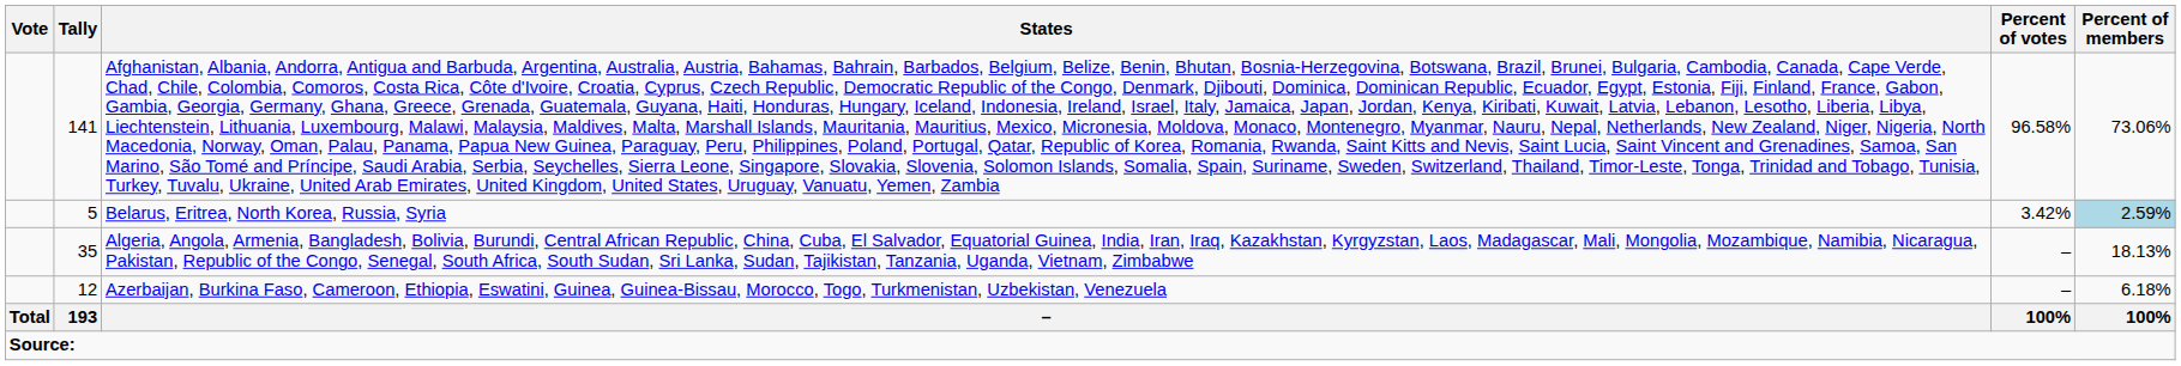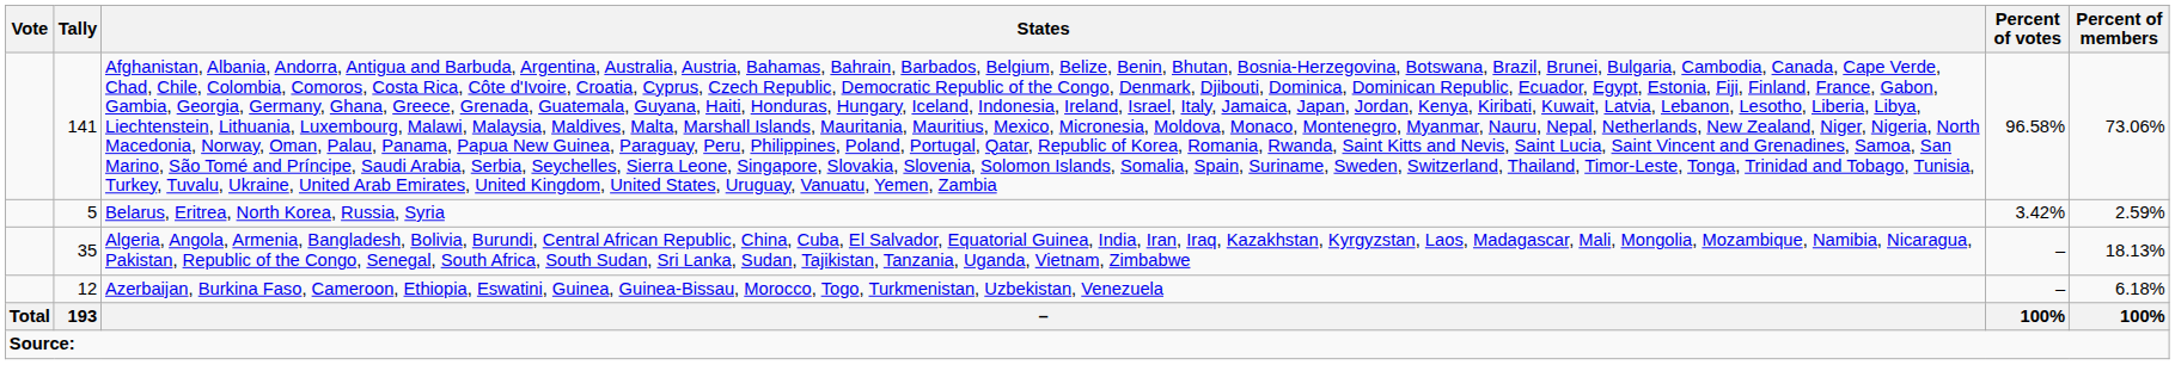 <table class="wikitable mw-collapsible mw-collapsed">
 <tr>
 <th scope="col">Vote</th>
 <th scope="col">Tally</th>
 <th scope="col">States</th>
 <th scope="col">Percent of votes</th>
 <th scope="col">Percent of members</th>
 </tr>
 <tr>
 <td></td>
 <td style="text-align: right">141</td>
 <td><a href='#'>Afghanistan</a>, <a href='#'>Albania</a>, <a href='#'>Andorra</a>, <a href='#'>Antigua and Barbuda</a>, <a href='#'>Argentina</a>, <a href='#'>Australia</a>, <a href='#'>Austria</a>, <a href='#'>Bahamas</a>, <a href='#'>Bahrain</a>, <a href='#'>Barbados</a>, <a href='#'>Belgium</a>, <a href='#'>Belize</a>, <a href='#'>Benin</a>, <a href='#'>Bhutan</a>, <a href='#'>Bosnia-Herzegovina</a>, <a href='#'>Botswana</a>, <a href='#'>Brazil</a>, <a href='#'>Brunei</a>, <a href='#'>Bulgaria</a>, <a href='#'>Cambodia</a>, <a href='#'>Canada</a>, <a href='#'>Cape Verde</a>, <a href='#'>Chad</a>, <a href='#'>Chile</a>, <a href='#'>Colombia</a>, <a href='#'>Comoros</a>, <a href='#'>Costa Rica</a>, <a href='#'>Côte d'Ivoire</a>, <a href='#'>Croatia</a>, <a href='#'>Cyprus</a>, <a href='#'>Czech Republic</a>, <a href='#'>Democratic Republic of the Congo</a>, <a href='#'>Denmark</a>, <a href='#'>Djibouti</a>, <a href='#'>Dominica</a>, <a href='#'>Dominican Republic</a>, <a href='#'>Ecuador</a>, <a href='#'>Egypt</a>, <a href='#'>Estonia</a>, <a href='#'>Fiji</a>, <a href='#'>Finland</a>, <a href='#'>France</a>, <a href='#'>Gabon</a>, <a href='#'>Gambia</a>, <a href='#'>Georgia</a>, <a href='#'>Germany</a>, <a href='#'>Ghana</a>, <a href='#'>Greece</a>, <a href='#'>Grenada</a>, <a href='#'>Guatemala</a>, <a href='#'>Guyana</a>, <a href='#'>Haiti</a>, <a href='#'>Honduras</a>, <a href='#'>Hungary</a>, <a href='#'>Iceland</a>, <a href='#'>Indonesia</a>, <a href='#'>Ireland</a>, <a href='#'>Israel</a>, <a href='#'>Italy</a>, <a href='#'>Jamaica</a>, <a href='#'>Japan</a>, <a href='#'>Jordan</a>, <a href='#'>Kenya</a>, <a href='#'>Kiribati</a>, <a href='#'>Kuwait</a>, <a href='#'>Latvia</a>, <a href='#'>Lebanon</a>, <a href='#'>Lesotho</a>, <a href='#'>Liberia</a>, <a href='#'>Libya</a>, <a href='#'>Liechtenstein</a>, <a href='#'>Lithuania</a>, <a href='#'>Luxembourg</a>, <a href='#'>Malawi</a>, <a href='#'>Malaysia</a>, <a href='#'>Maldives</a>, <a href='#'>Malta</a>, <a href='#'>Marshall Islands</a>, <a href='#'>Mauritania</a>, <a href='#'>Mauritius</a>, <a href='#'>Mexico</a>, <a href='#'>Micronesia</a>, <a href='#'>Moldova</a>, <a href='#'>Monaco</a>, <a href='#'>Montenegro</a>, <a href='#'>Myanmar</a>, <a href='#'>Nauru</a>, <a href='#'>Nepal</a>, <a href='#'>Netherlands</a>, <a href='#'>New Zealand</a>, <a href='#'>Niger</a>, <a href='#'>Nigeria</a>, <a href='#'>North Macedonia</a>, <a href='#'>Norway</a>, <a href='#'>Oman</a>, <a href='#'>Palau</a>, <a href='#'>Panama</a>, <a href='#'>Papua New Guinea</a>, <a href='#'>Paraguay</a>, <a href='#'>Peru</a>, <a href='#'>Philippines</a>, <a href='#'>Poland</a>, <a href='#'>Portugal</a>, <a href='#'>Qatar</a>, <a href='#'>Republic of Korea</a>, <a href='#'>Romania</a>, <a href='#'>Rwanda</a>, <a href='#'>Saint Kitts and Nevis</a>, <a href='#'>Saint Lucia</a>, <a href='#'>Saint Vincent and Grenadines</a>, <a href='#'>Samoa</a>, <a href='#'>San Marino</a>, <a href='#'>São Tomé and Príncipe</a>, <a href='#'>Saudi Arabia</a>, <a href='#'>Serbia</a>, <a href='#'>Seychelles</a>, <a href='#'>Sierra Leone</a>, <a href='#'>Singapore</a>, <a href='#'>Slovakia</a>, <a href='#'>Slovenia</a>, <a href='#'>Solomon Islands</a>, <a href='#'>Somalia</a>, <a href='#'>Spain</a>, <a href='#'>Suriname</a>, <a href='#'>Sweden</a>, <a href='#'>Switzerland</a>, <a href='#'>Thailand</a>, <a href='#'>Timor-Leste</a>, <a href='#'>Tonga</a>, <a href='#'>Trinidad and Tobago</a>, <a href='#'>Tunisia</a>, <a href='#'>Turkey</a>, <a href='#'>Tuvalu</a>, <a href='#'>Ukraine</a>, <a href='#'>United Arab Emirates</a>, <a href='#'>United Kingdom</a>, <a href='#'>United States</a>, <a href='#'>Uruguay</a>, <a href='#'>Vanuatu</a>, <a href='#'>Yemen</a>, <a href='#'>Zambia</a></td>
 <td style="text-align: right">96.58%</td>
 <td style="text-align: right">73.06%</td>
 </tr>
 <tr>
 <td></td>
 <td style="text-align: right">5</td>
 <td><a href='#'>Belarus</a>, <a href='#'>Eritrea</a>, <a href='#'>North Korea</a>, <a href='#'>Russia</a>, <a href='#'>Syria</a></td>
 <td style="text-align: right">3.42%</td>
-<td style="background: lightblue; text-align: right">2.59%</td>
+<td style="text-align: right">2.59%</td>
 </tr>
 <tr>
 <td></td>
 <td style="text-align: right">35</td>
 <td><a href='#'>Algeria</a>, <a href='#'>Angola</a>, <a href='#'>Armenia</a>, <a href='#'>Bangladesh</a>, <a href='#'>Bolivia</a>, <a href='#'>Burundi</a>, <a href='#'>Central African Republic</a>, <a href='#'>China</a>, <a href='#'>Cuba</a>, <a href='#'>El Salvador</a>, <a href='#'>Equatorial Guinea</a>, <a href='#'>India</a>, <a href='#'>Iran</a>, <a href='#'>Iraq</a>, <a href='#'>Kazakhstan</a>, <a href='#'>Kyrgyzstan</a>, <a href='#'>Laos</a>, <a href='#'>Madagascar</a>, <a href='#'>Mali</a>, <a href='#'>Mongolia</a>, <a href='#'>Mozambique</a>, <a href='#'>Namibia</a>, <a href='#'>Nicaragua</a>, <a href='#'>Pakistan</a>, <a href='#'>Republic of the Congo</a>, <a href='#'>Senegal</a>, <a href='#'>South Africa</a>, <a href='#'>South Sudan</a>, <a href='#'>Sri Lanka</a>, <a href='#'>Sudan</a>, <a href='#'>Tajikistan</a>, <a href='#'>Tanzania</a>, <a href='#'>Uganda</a>, <a href='#'>Vietnam</a>, <a href='#'>Zimbabwe</a></td>
 <td style="text-align: right">–</td>
 <td style="text-align: right">18.13%</td>
 </tr>
 <tr>
 <td></td>
 <td style="text-align: right">12</td>
 <td><a href='#'>Azerbaijan</a>, <a href='#'>Burkina Faso</a>, <a href='#'>Cameroon</a>, <a href='#'>Ethiopia</a>, <a href='#'>Eswatini</a>, <a href='#'>Guinea</a>, <a href='#'>Guinea-Bissau</a>, <a href='#'>Morocco</a>, <a href='#'>Togo</a>, <a href='#'>Turkmenistan</a>, <a href='#'>Uzbekistan</a>, <a href='#'>Venezuela</a></td>
 <td style="text-align: right">–</td>
 <td style="text-align: right">6.18%</td>
 </tr>
 <tr>
 <th style="text-align: left">Total</th>
 <th style="text-align: right">193</th>
 <th>–</th>
 <th style="text-align: right">100%</th>
 <th style="text-align: right">100%</th>
 </tr>
 <tr>
 <td colspan="5"><strong>Source:</strong> <br></td>
 </tr>
 </table>
